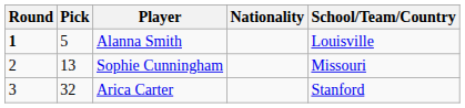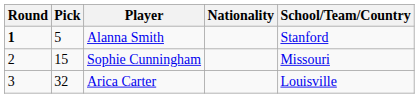 <table class="wikitable">
 <tr>
 <th>Round</th>
 <th>Pick</th>
 <th>Player</th>
 <th>Nationality</th>
 <th>School/Team/Country</th>
 </tr>
 <tr>
 <td><strong>1</strong></td>
 <td>5</td>
 <td><a href='#'>Alanna Smith</a></td>
 <td></td>
-<td><a href='#'>Louisville</a></td>
+<td><a href='#'>Stanford</a></td>
 </tr>
 <tr>
 <td>2</td>
-<td>13</td>
+<td>15</td>
 <td><a href='#'>Sophie Cunningham</a></td>
 <td></td>
 <td><a href='#'>Missouri</a></td>
 </tr>
 <tr>
 <td>3</td>
 <td>32</td>
 <td><a href='#'>Arica Carter</a></td>
 <td></td>
-<td><a href='#'>Stanford</a></td>
+<td><a href='#'>Louisville</a></td>
 </tr>
 </table>
